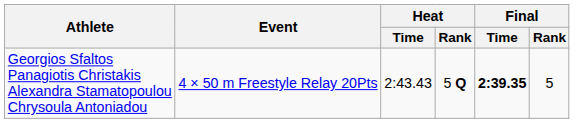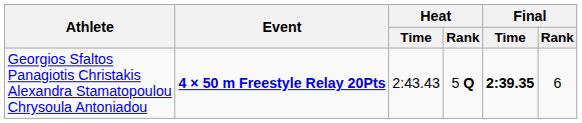 <table class=wikitable style="font-size:90%">
 <tr>
 <th rowspan="2">Athlete</th>
 <th rowspan="2">Event</th>
 <th colspan="2">Heat</th>
 <th colspan="2">Final</th>
 </tr>
 <tr style="font-size:95%">
 <th>Time</th>
 <th>Rank</th>
 <th>Time</th>
 <th>Rank</th>
 </tr>
 <tr align=center>
 <td align=left><a href='#'>Georgios Sfaltos</a><br><a href='#'>Panagiotis Christakis</a><br><a href='#'>Alexandra Stamatopoulou</a><br><a href='#'>Chrysoula Antoniadou</a></td>
-<td align=left><a href='#'>4 × 50 m Freestyle Relay 20Pts</a></td>
+<td align=left><strong><a href='#'>4 × 50 m Freestyle Relay 20Pts</a></strong></td>
 <td>2:43.43</td>
 <td>5 <strong>Q</strong></td>
 <td><strong>2:39.35</strong></td>
-<td>5</td>
+<td>6</td>
 </tr>
 </table>
